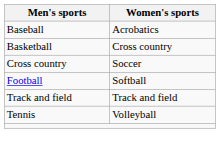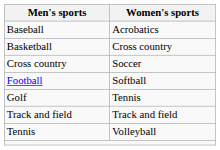 <table class="wikitable"; style= "text-align: ">
 <tr>
 <th width=150px>Men's sports</th>
 <th width=150px>Women's sports</th>
 </tr>
 <tr>
 <td>Baseball</td>
 <td>Acrobatics</td>
 </tr>
 <tr>
 <td>Basketball</td>
 <td>Cross country</td>
 </tr>
 <tr>
 <td>Cross country</td>
 <td>Soccer</td>
 </tr>
 <tr>
 <td><a href='#'>Football</a></td>
 <td>Softball</td>
 </tr>
 <tr>
+<td>Golf</td>
+<td>Tennis</td>
+</tr>
+<tr>
 <td>Track and field</td>
 <td>Track and field</td>
 </tr>
 <tr>
 <td>Tennis</td>
 <td>Volleyball</td>
 </tr>
 <tr>
 <td colspan=2></td>
 </tr>
 </table>
